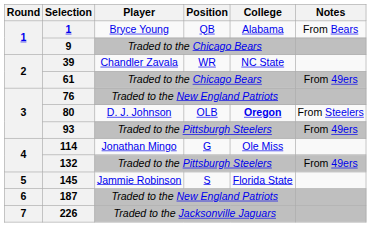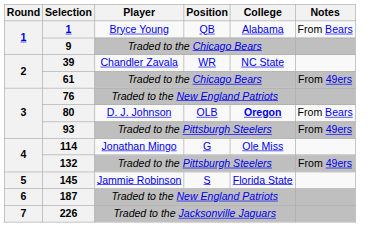 <table class="wikitable" style="text-align:center">
 <tr>
 <th>Round</th>
 <th>Selection</th>
 <th>Player</th>
 <th>Position</th>
 <th>College</th>
 <th>Notes</th>
 </tr>
 <tr>
 <th rowspan="2"><a href='#'>1</a></th>
 <th><a href='#'>1</a></th>
 <td><a href='#'>Bryce Young</a></td>
 <td><a href='#'>QB</a></td>
 <td><a href='#'>Alabama</a></td>
 <td>From <a href='#'>Bears</a></td>
 </tr>
 <tr>
 <th>9</th>
 <td colspan="3" style="background:#BFBFBF"><em>Traded to the <a href='#'>Chicago Bears</a></em></td>
 <td style="background:#BFBFBF"></td>
 </tr>
 <tr>
 <th rowspan="2">2</th>
 <th>39</th>
 <td><a href='#'>Chandler Zavala</a></td>
 <td><a href='#'>WR</a></td>
 <td><a href='#'>NC State</a></td>
 <td></td>
 </tr>
 <tr>
 <th>61</th>
 <td colspan="3" style="background:#BFBFBF"><em>Traded to the <a href='#'>Chicago Bears</a></em></td>
 <td style="background:#BFBFBF">From <a href='#'>49ers</a></td>
 </tr>
 <tr>
 <th rowspan="3">3</th>
 <th>76</th>
 <td colspan="3" style="background:#BFBFBF"><em>Traded to the <a href='#'>New England Patriots</a></em></td>
 <td style="background:#BFBFBF"></td>
 </tr>
 <tr>
 <th>80</th>
 <td><a href='#'>D. J. Johnson</a></td>
 <td><a href='#'>OLB</a></td>
 <td><strong><a href='#'>Oregon</a></strong></td>
-<td>From <a href='#'>Steelers</a></td>
+<td>From <a href='#'>Bears</a></td>
 </tr>
 <tr>
 <th>93</th>
 <td colspan="3" style="background:#BFBFBF"><em>Traded to the <a href='#'>Pittsburgh Steelers</a></em></td>
 <td style="background:#BFBFBF">From <a href='#'>49ers</a></td>
 </tr>
 <tr>
 <th rowspan="2">4</th>
 <th>114</th>
 <td><a href='#'>Jonathan Mingo</a></td>
 <td><a href='#'>G</a></td>
 <td><a href='#'>Ole Miss</a></td>
 <td></td>
 </tr>
 <tr>
 <th>132</th>
 <td colspan="3" style="background:#BFBFBF"><em>Traded to the <a href='#'>Pittsburgh Steelers</a></em></td>
 <td style="background:#BFBFBF">From <a href='#'>49ers</a></td>
 </tr>
 <tr>
 <th>5</th>
 <th>145</th>
 <td><a href='#'>Jammie Robinson</a></td>
 <td><a href='#'>S</a></td>
 <td><a href='#'>Florida State</a></td>
 <td></td>
 </tr>
 <tr>
 <th>6</th>
 <th>187</th>
 <td colspan="3" style="background:#BFBFBF"><em>Traded to the <a href='#'>New England Patriots</a></em></td>
 <td style="background:#BFBFBF"></td>
 </tr>
 <tr>
 <th>7</th>
 <th>226</th>
 <td colspan="3" style="background:#BFBFBF"><em>Traded to the <a href='#'>Jacksonville Jaguars</a></em></td>
 <td style="background:#BFBFBF"></td>
 </tr>
 </table>
